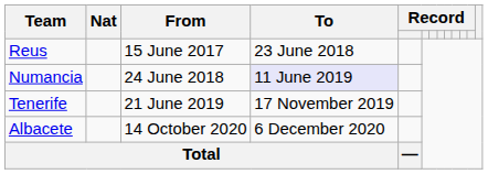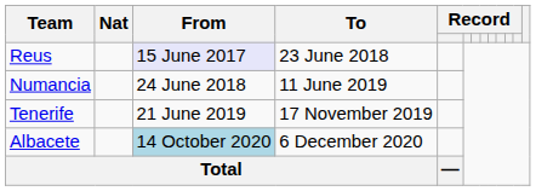 <table class="wikitable" style="text-align: center">
 <tr>
 <th rowspan="2">Team</th>
 <th rowspan="2">Nat</th>
 <th rowspan="2">From</th>
 <th rowspan="2">To</th>
 <th colspan="8">Record</th>
 <th rowspan=2></th>
 </tr>
 <tr>
 <th></th>
 <th></th>
 <th></th>
 <th></th>
 <th></th>
 <th></th>
 <th></th>
 <th></th>
 </tr>
 <tr>
 <td align=left><a href='#'>Reus</a></td>
 <td align=left></td>
-<td align=left>15 June 2017</td>
+<td align=left style="background: lavender;">15 June 2017</td>
 <td align=left>23 June 2018<br></td>
 <td></td>
 </tr>
 <tr>
 <td align=left><a href='#'>Numancia</a></td>
 <td align=left></td>
 <td align=left>24 June 2018</td>
-<td align=left style="background: lavender;">11 June 2019<br></td>
+<td align=left>11 June 2019<br></td>
 <td></td>
 </tr>
 <tr>
 <td align=left><a href='#'>Tenerife</a></td>
 <td align=left></td>
 <td align=left>21 June 2019</td>
 <td align=left>17 November 2019<br></td>
 <td></td>
 </tr>
 <tr>
 <td align=left><a href='#'>Albacete</a></td>
 <td align=left></td>
-<td align=left>14 October 2020</td>
+<td align=left style="background: lightblue;">14 October 2020</td>
 <td align=left>6 December 2020<br></td>
 <td></td>
 </tr>
 <tr>
 <th colspan="4">Total<br></th>
 <th>—</th>
 </tr>
 </table>
